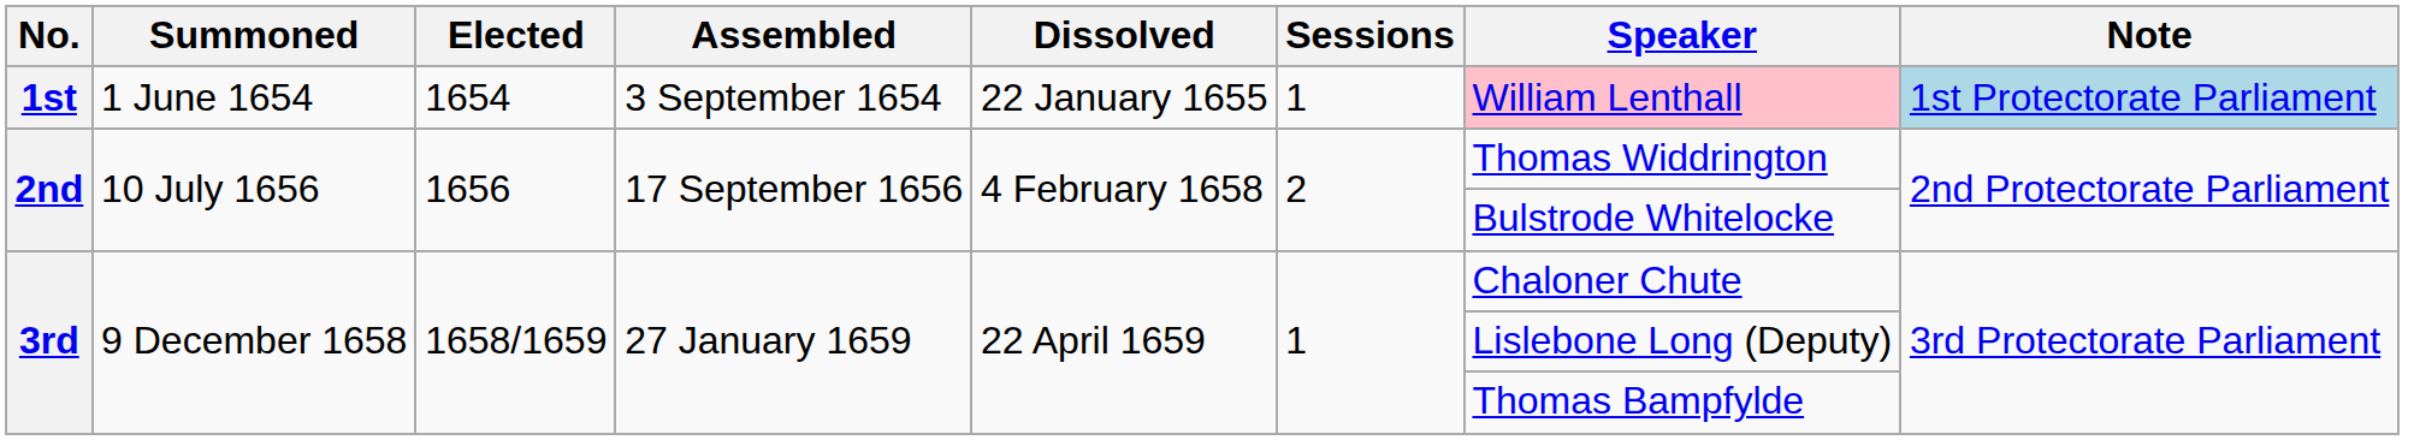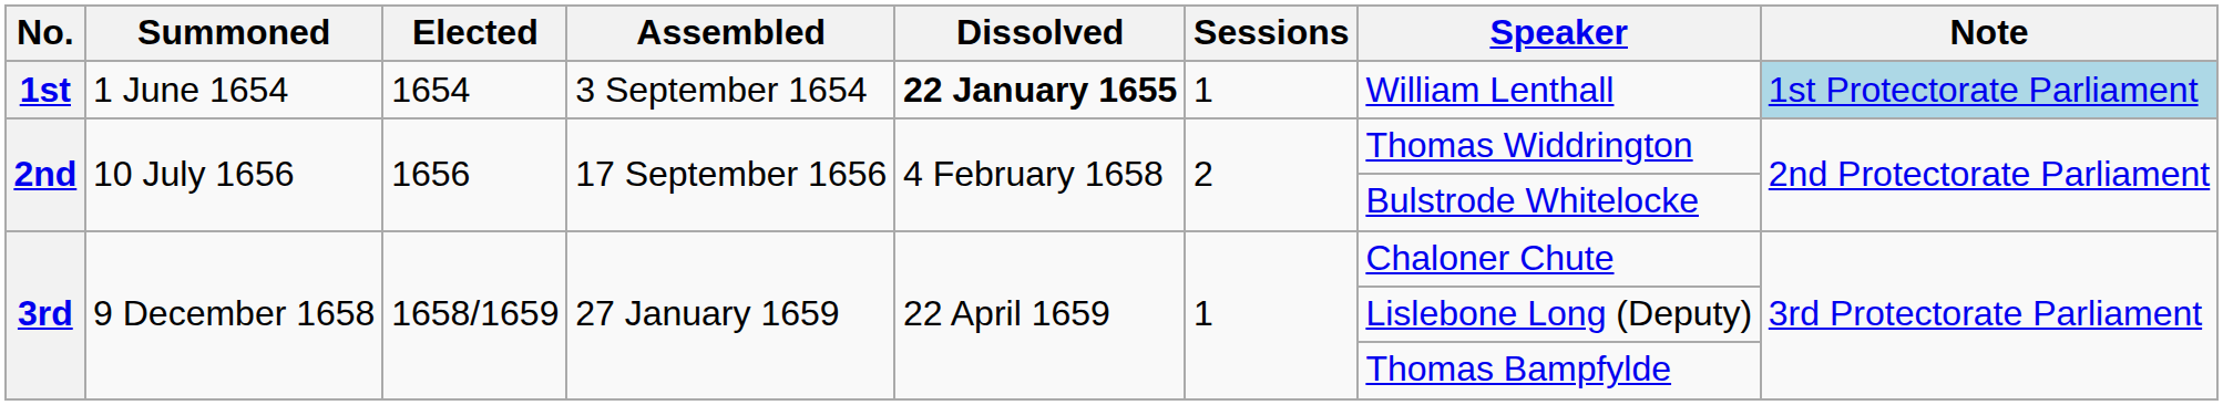 <table class="wikitable">
 <tr>
 <th>No.</th>
 <th>Summoned</th>
 <th>Elected</th>
 <th>Assembled</th>
 <th>Dissolved</th>
 <th>Sessions</th>
 <th><a href='#'>Speaker</a></th>
 <th>Note</th>
 </tr>
 <tr>
 <th><a href='#'>1st</a></th>
 <td>1 June 1654</td>
 <td>1654</td>
 <td>3 September 1654</td>
-<td>22 January 1655</td>
+<td><strong>22 January 1655</strong></td>
 <td>1</td>
-<td style="background: pink;"><a href='#'>William Lenthall</a></td>
+<td><a href='#'>William Lenthall</a></td>
 <td style="background: lightblue;"><a href='#'>1st Protectorate Parliament</a></td>
 </tr>
 <tr>
 <th rowspan=2><a href='#'>2nd</a></th>
 <td rowspan=2>10 July 1656</td>
 <td rowspan=2>1656</td>
 <td rowspan=2>17 September 1656</td>
 <td rowspan=2>4 February 1658</td>
 <td rowspan=2>2</td>
 <td><a href='#'>Thomas Widdrington</a></td>
 <td rowspan=2><a href='#'>2nd Protectorate Parliament</a></td>
 </tr>
 <tr>
 <td><a href='#'>Bulstrode Whitelocke</a></td>
 </tr>
 <tr>
 <th rowspan=3><a href='#'>3rd</a></th>
 <td rowspan=3>9 December 1658</td>
 <td rowspan=3>1658/1659</td>
 <td rowspan=3>27 January 1659</td>
 <td rowspan=3>22 April 1659</td>
 <td rowspan=3>1</td>
 <td><a href='#'>Chaloner Chute</a></td>
 <td rowspan=3><a href='#'>3rd Protectorate Parliament</a></td>
 </tr>
 <tr>
 <td><a href='#'>Lislebone Long</a> (Deputy)</td>
 </tr>
 <tr>
 <td><a href='#'>Thomas Bampfylde</a></td>
 </tr>
 </table>
